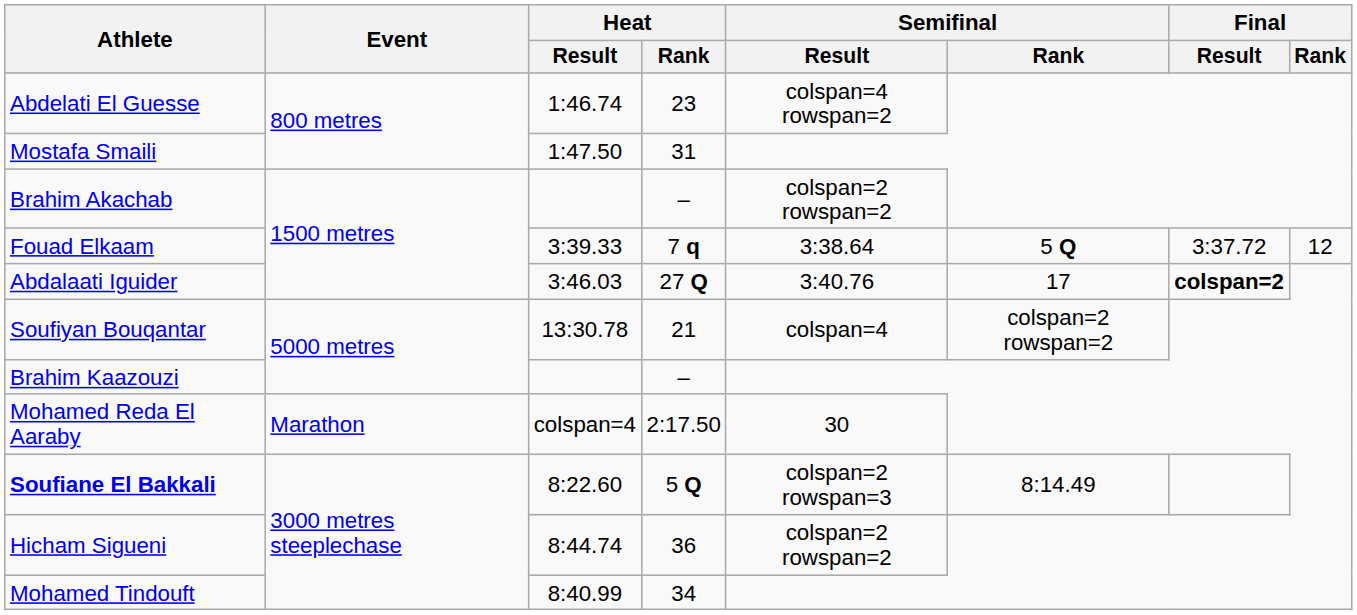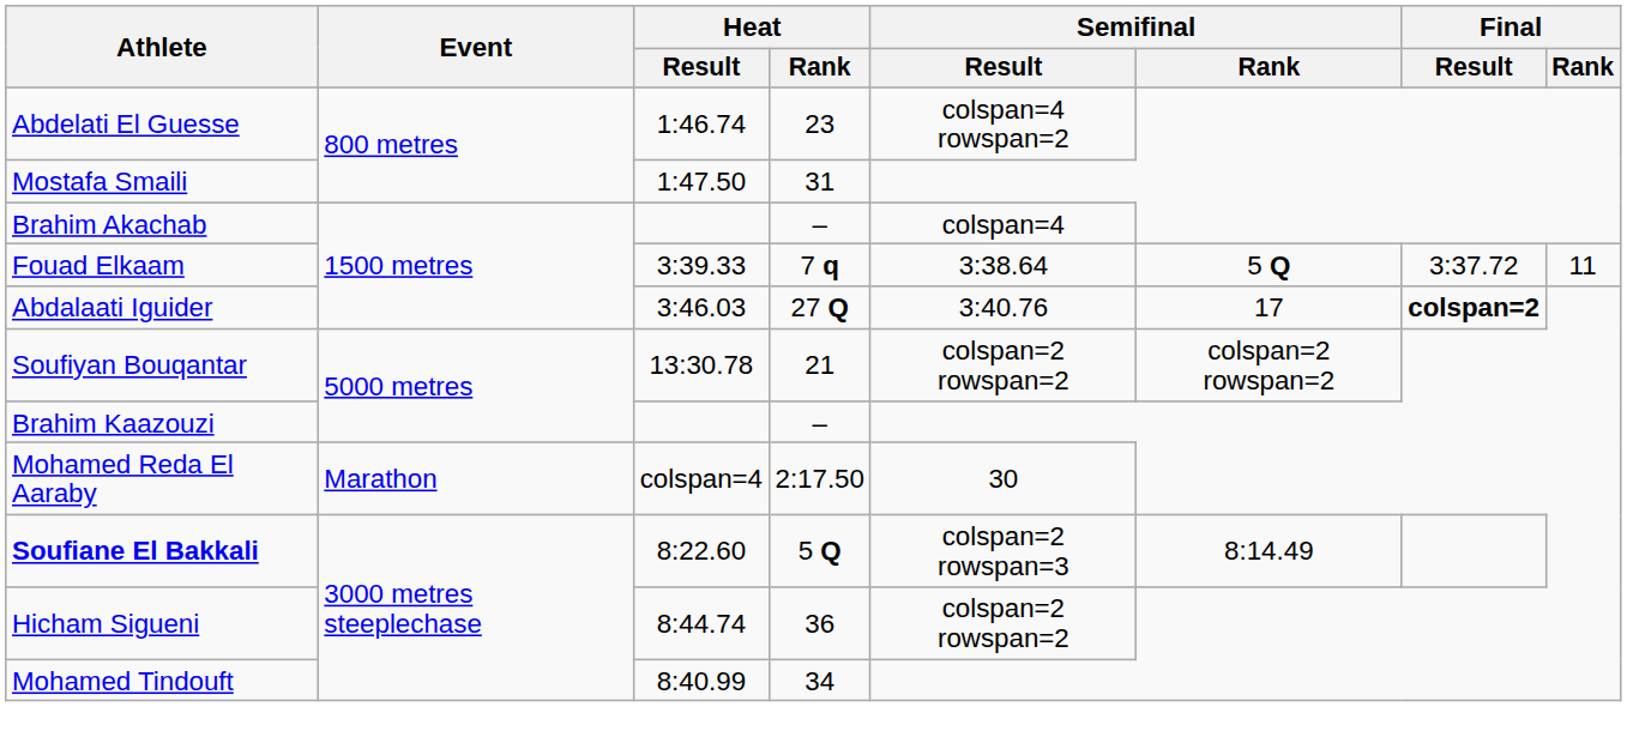 <table class="wikitable" style="font-size:90%">
 <tr>
 <th rowspan="2">Athlete</th>
 <th rowspan="2">Event</th>
 <th colspan="2">Heat</th>
 <th colspan="2">Semifinal</th>
 <th colspan="2">Final</th>
 </tr>
 <tr style="font-size:95%">
 <th>Result</th>
 <th>Rank</th>
 <th>Result</th>
 <th>Rank</th>
 <th>Result</th>
 <th>Rank</th>
 </tr>
 <tr style=text-align:center>
 <td style=text-align:left><a href='#'>Abdelati El Guesse</a></td>
 <td style=text-align:left rowspan=2><a href='#'>800 metres</a></td>
 <td>1:46.74</td>
 <td>23</td>
 <td>colspan=4 rowspan=2 </td>
 </tr>
 <tr style=text-align:center>
 <td style=text-align:left><a href='#'>Mostafa Smaili</a></td>
 <td>1:47.50</td>
 <td>31</td>
 </tr>
 <tr style=text-align:center>
 <td style=text-align:left><a href='#'>Brahim Akachab</a></td>
 <td style=text-align:left rowspan=3><a href='#'>1500 metres</a></td>
 <td></td>
 <td>–</td>
-<td>colspan=2 rowspan=2 </td>
+<td>colspan=4 </td>
 </tr>
 <tr style=text-align:center>
 <td style=text-align:left><a href='#'>Fouad Elkaam</a></td>
 <td>3:39.33</td>
 <td>7 <strong>q</strong></td>
 <td>3:38.64</td>
 <td>5 <strong>Q</strong></td>
 <td>3:37.72</td>
-<td>12</td>
+<td>11</td>
 </tr>
 <tr style=text-align:center>
 <td style=text-align:left><a href='#'>Abdalaati Iguider</a></td>
 <td>3:46.03</td>
 <td>27 <strong>Q</strong></td>
 <td>3:40.76</td>
 <td>17</td>
 <td><strong>colspan=2 </strong></td>
 </tr>
 <tr style=text-align:center>
 <td style=text-align:left><a href='#'>Soufiyan Bouqantar</a></td>
 <td style=text-align:left rowspan=2><a href='#'>5000 metres</a></td>
 <td>13:30.78</td>
 <td>21</td>
-<td>colspan=4 </td>
+<td>colspan=2 rowspan=2 </td>
 <td>colspan=2 rowspan=2 </td>
 </tr>
 <tr style=text-align:center>
 <td style=text-align:left><a href='#'>Brahim Kaazouzi</a></td>
 <td></td>
 <td>–</td>
 </tr>
 <tr style=text-align:center>
 <td style=text-align:left><a href='#'>Mohamed Reda El Aaraby</a></td>
 <td style=text-align:left><a href='#'>Marathon</a></td>
 <td>colspan=4 </td>
 <td>2:17.50</td>
 <td>30</td>
 </tr>
 <tr style=text-align:center>
 <td style=text-align:left><strong><a href='#'>Soufiane El Bakkali</a></strong></td>
 <td style=text-align:left rowspan=3><a href='#'>3000 metres steeplechase</a></td>
 <td>8:22.60</td>
 <td>5 <strong>Q</strong></td>
 <td>colspan=2 rowspan=3</td>
 <td>8:14.49</td>
 <td></td>
 </tr>
 <tr style=text-align:center>
 <td style=text-align:left><a href='#'>Hicham Sigueni</a></td>
 <td>8:44.74</td>
 <td>36</td>
 <td>colspan=2 rowspan=2 </td>
 </tr>
 <tr style=text-align:center>
 <td style=text-align:left><a href='#'>Mohamed Tindouft</a></td>
 <td>8:40.99</td>
 <td>34</td>
 </tr>
 </table>
